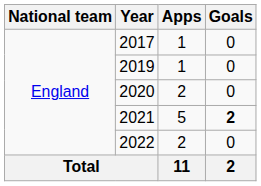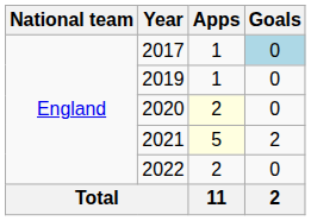 <table class="wikitable" style="text-align: center;">
 <tr>
 <th>National team</th>
 <th>Year</th>
 <th>Apps</th>
 <th>Goals</th>
 </tr>
 <tr>
 <td rowspan="5"><a href='#'>England</a></td>
 <td>2017</td>
 <td>1</td>
-<td>0</td>
+<td style="background: lightblue;">0</td>
 </tr>
 <tr>
 <td>2019</td>
 <td>1</td>
 <td>0</td>
 </tr>
 <tr>
 <td>2020</td>
-<td>2</td>
+<td style="background: lightyellow;">2</td>
 <td>0</td>
 </tr>
 <tr>
 <td>2021</td>
-<td>5</td>
-<td><strong>2</strong></td>
+<td style="background: lightyellow;">5</td>
+<td>2</td>
 </tr>
 <tr>
 <td>2022</td>
 <td>2</td>
 <td>0</td>
 </tr>
 <tr>
 <th colspan="2">Total</th>
 <th>11</th>
 <th>2</th>
 </tr>
 </table>
